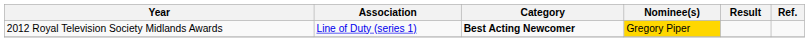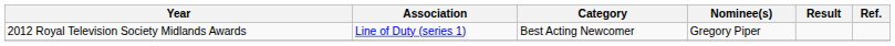 <table class="wikitable" width="99%">
 <tr>
 <th>Year</th>
 <th>Association</th>
 <th>Category</th>
 <th>Nominee(s)</th>
 <th>Result</th>
 <th>Ref.</th>
 </tr>
 <tr>
 <td>2012 Royal Television Society Midlands Awards</td>
 <td><a href='#'>Line of Duty (series 1)</a></td>
-<td><strong>Best Acting Newcomer</strong></td>
-<td style="background: gold;">Gregory Piper</td>
+<td>Best Acting Newcomer</td>
+<td>Gregory Piper</td>
 <td></td>
 <td></td>
 </tr>
 <tr>
 </tr>
 </table>
